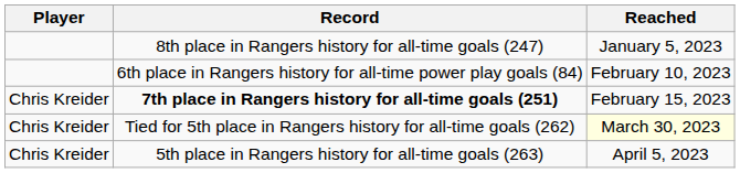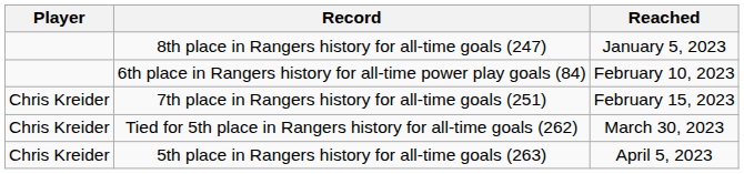 <table class="wikitable sortable" style="text-align:center;">
 <tr>
 <th>Player</th>
 <th>Record</th>
 <th>Reached</th>
 </tr>
 <tr>
 <td></td>
 <td>8th place in Rangers history for all-time goals (247)</td>
 <td>January 5, 2023</td>
 </tr>
 <tr>
 <td></td>
 <td>6th place in Rangers history for all-time power play goals (84)</td>
 <td>February 10, 2023</td>
 </tr>
 <tr>
 <td>Chris Kreider</td>
-<td><strong>7th place in Rangers history for all-time goals (251)</strong></td>
+<td>7th place in Rangers history for all-time goals (251)</td>
 <td>February 15, 2023</td>
 </tr>
 <tr>
 <td>Chris Kreider</td>
 <td>Tied for 5th place in Rangers history for all-time goals (262)</td>
-<td style="background: lightyellow;">March 30, 2023</td>
+<td>March 30, 2023</td>
 </tr>
 <tr>
 <td>Chris Kreider</td>
 <td>5th place in Rangers history for all-time goals (263)</td>
 <td>April 5, 2023</td>
 </tr>
 </table>
